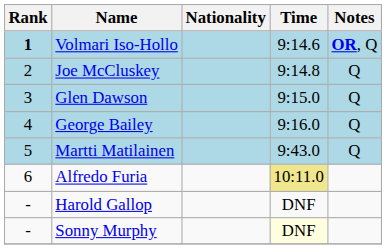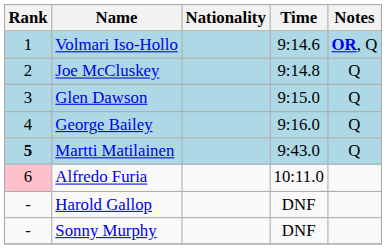 <table class="wikitable sortable" style="text-align:center">
 <tr>
 <th>Rank</th>
 <th>Name</th>
 <th>Nationality</th>
 <th>Time</th>
 <th>Notes</th>
 </tr>
 <tr bgcolor=lightblue>
-<td><strong>1</strong></td>
+<td>1</td>
 <td align=left><a href='#'>Volmari Iso-Hollo</a></td>
 <td align=left></td>
 <td>9:14.6</td>
 <td><a href='#'><strong>OR</strong></a>, Q</td>
 </tr>
 <tr bgcolor=lightblue>
 <td>2</td>
 <td align=left><a href='#'>Joe McCluskey</a></td>
 <td align=left></td>
 <td>9:14.8</td>
 <td>Q</td>
 </tr>
 <tr bgcolor=lightblue>
 <td>3</td>
 <td align=left><a href='#'>Glen Dawson</a></td>
 <td align=left></td>
 <td>9:15.0</td>
 <td>Q</td>
 </tr>
 <tr bgcolor=lightblue>
 <td>4</td>
 <td align=left><a href='#'>George Bailey</a></td>
 <td align=left></td>
 <td>9:16.0</td>
 <td>Q</td>
 </tr>
 <tr bgcolor=lightblue>
-<td>5</td>
+<td><strong>5</strong></td>
 <td align=left><a href='#'>Martti Matilainen</a></td>
 <td align=left></td>
 <td>9:43.0</td>
 <td>Q</td>
 </tr>
 <tr>
-<td>6</td>
+<td style="background: pink;">6</td>
 <td align=left><a href='#'>Alfredo Furia</a></td>
 <td align=left></td>
-<td style="background: khaki;">10:11.0</td>
+<td>10:11.0</td>
 <td></td>
 </tr>
 <tr>
 <td>-</td>
 <td align=left><a href='#'>Harold Gallop</a></td>
 <td align=left></td>
 <td>DNF</td>
 <td></td>
 </tr>
 <tr>
 <td>-</td>
 <td align=left><a href='#'>Sonny Murphy</a></td>
 <td align=left></td>
-<td style="background: lightyellow;">DNF</td>
+<td>DNF</td>
 <td></td>
 </tr>
 <tr>
 </tr>
 </table>
